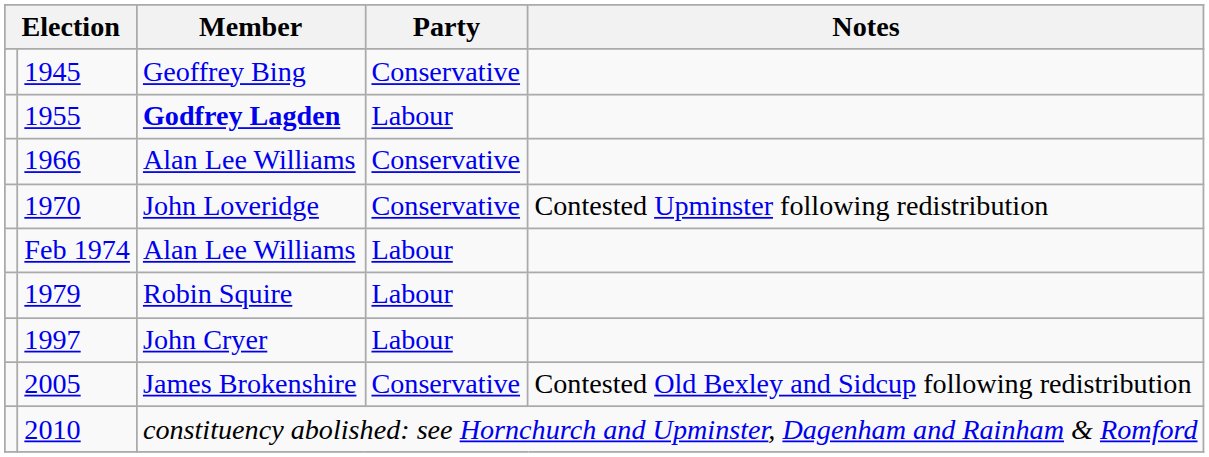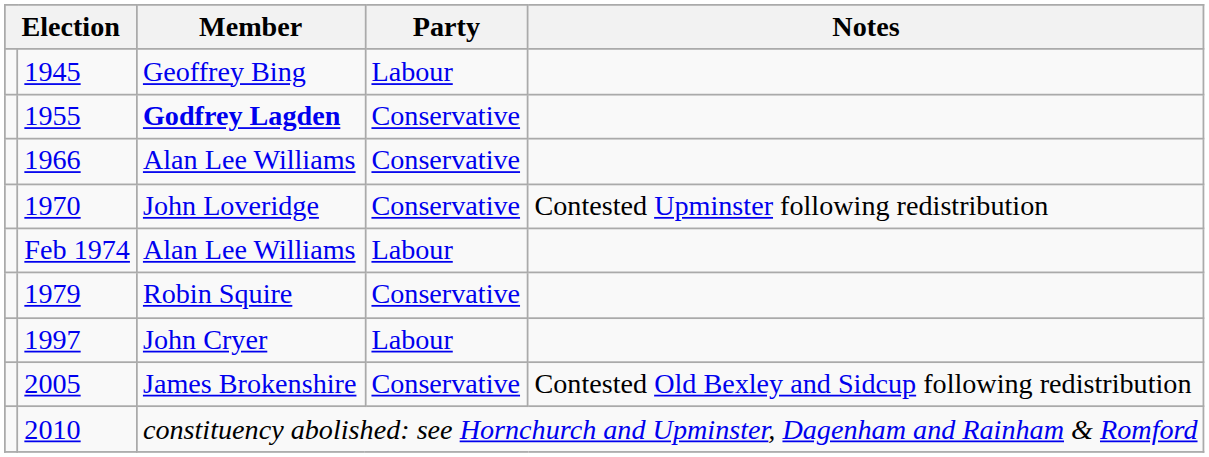 <table class="wikitable">
 <tr>
 <th colspan="2">Election</th>
 <th>Member</th>
 <th>Party</th>
 <th>Notes</th>
 </tr>
 <tr>
 <td style="color:inherit;background-color: "></td>
 <td><a href='#'>1945</a></td>
 <td><a href='#'>Geoffrey Bing</a></td>
-<td><a href='#'>Conservative</a></td>
+<td><a href='#'>Labour</a></td>
 <td></td>
 </tr>
 <tr>
 <td style="color:inherit;background-color: "></td>
 <td><a href='#'>1955</a></td>
 <td><strong><a href='#'>Godfrey Lagden</a></strong></td>
-<td><a href='#'>Labour</a></td>
+<td><a href='#'>Conservative</a></td>
 <td></td>
 </tr>
 <tr>
 <td style="color:inherit;background-color: "></td>
 <td><a href='#'>1966</a></td>
 <td><a href='#'>Alan Lee Williams</a></td>
 <td><a href='#'>Conservative</a></td>
 <td></td>
 </tr>
 <tr>
 <td style="color:inherit;background-color: "></td>
 <td><a href='#'>1970</a></td>
 <td><a href='#'>John Loveridge</a></td>
 <td><a href='#'>Conservative</a></td>
 <td>Contested <a href='#'>Upminster</a> following redistribution</td>
 </tr>
 <tr>
 <td style="color:inherit;background-color: "></td>
 <td><a href='#'>Feb 1974</a></td>
 <td><a href='#'>Alan Lee Williams</a></td>
 <td><a href='#'>Labour</a></td>
 <td></td>
 </tr>
 <tr>
 <td style="color:inherit;background-color: "></td>
 <td><a href='#'>1979</a></td>
 <td><a href='#'>Robin Squire</a></td>
-<td><a href='#'>Labour</a></td>
+<td><a href='#'>Conservative</a></td>
 <td></td>
 </tr>
 <tr>
 <td style="color:inherit;background-color: "></td>
 <td><a href='#'>1997</a></td>
 <td><a href='#'>John Cryer</a></td>
 <td><a href='#'>Labour</a></td>
 <td></td>
 </tr>
 <tr>
 <td style="color:inherit;background-color: "></td>
 <td><a href='#'>2005</a></td>
 <td><a href='#'>James Brokenshire</a></td>
 <td><a href='#'>Conservative</a></td>
 <td>Contested <a href='#'>Old Bexley and Sidcup</a> following redistribution</td>
 </tr>
 <tr>
 <td></td>
 <td><a href='#'>2010</a></td>
 <td colspan="4"><em>constituency abolished: see <a href='#'>Hornchurch and Upminster</a>, <a href='#'>Dagenham and Rainham</a> & <a href='#'>Romford</a></em></td>
 </tr>
 </table>
